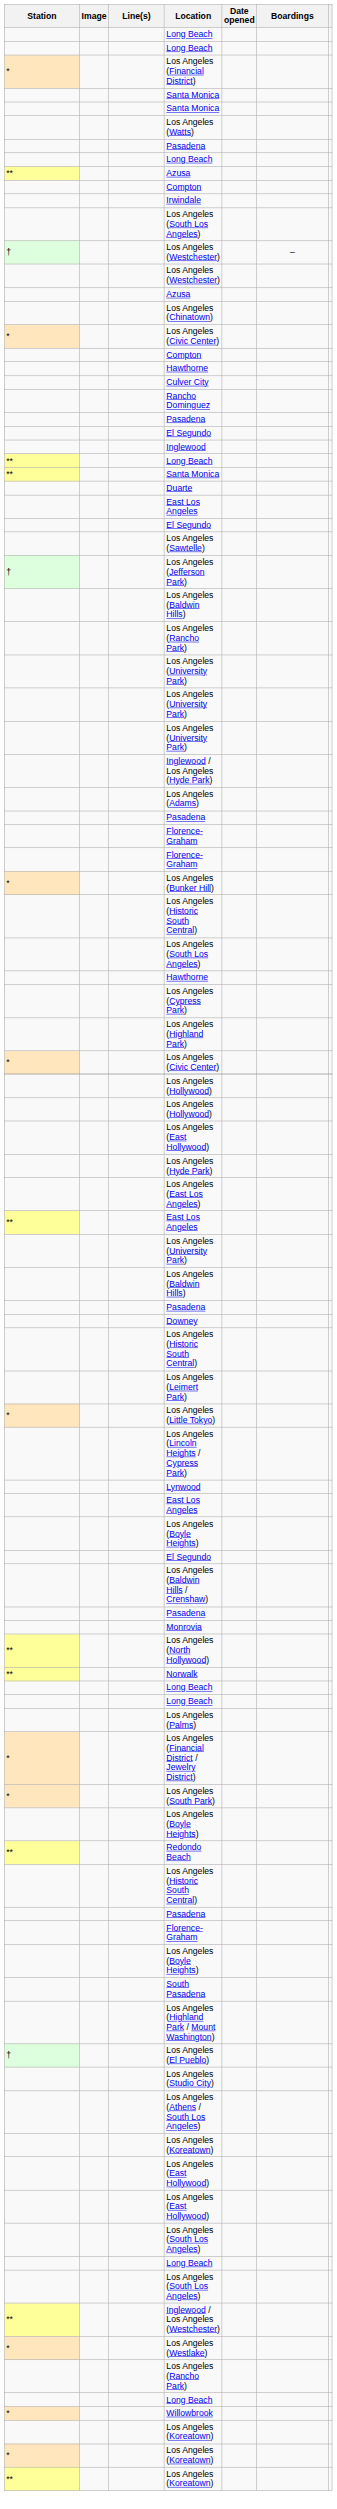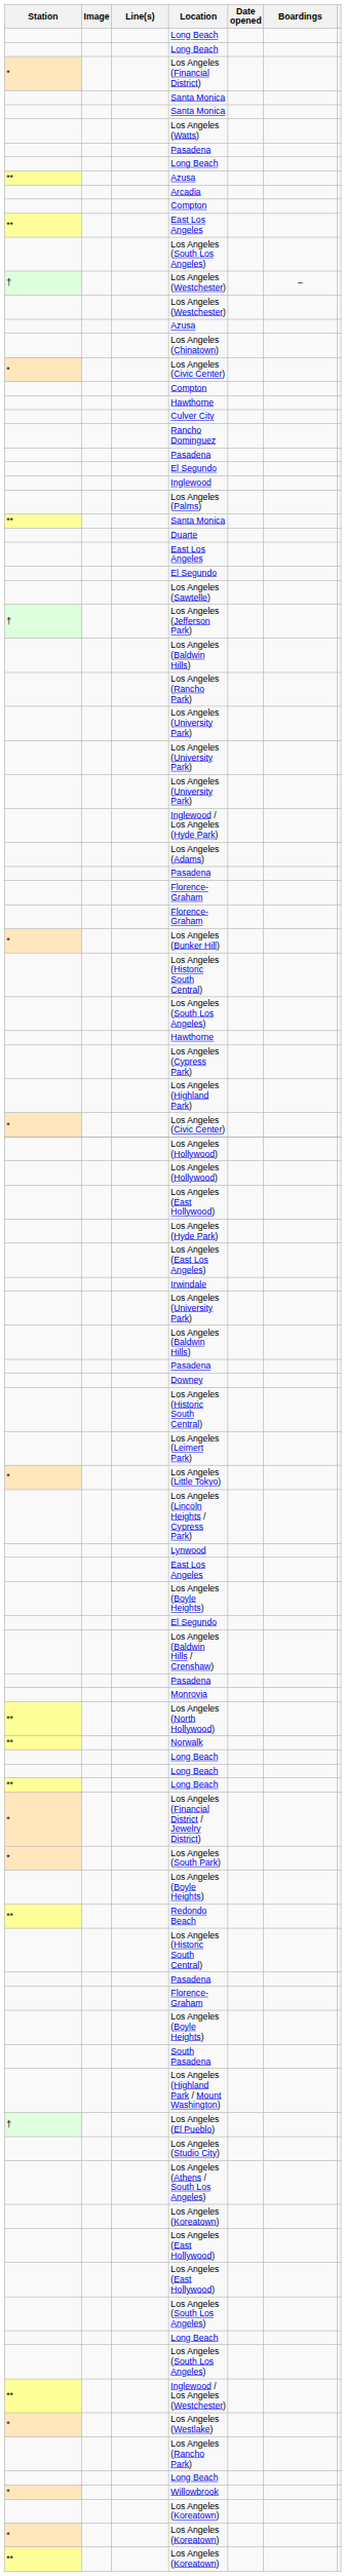 <table class="wikitable sortable sticky-header">
 <tr>
 <th width="175px">Station</th>
 <th class="unsortable">Image</th>
 <th width="120px">Line(s)</th>
 <th>Location</th>
 <th>Date opened</th>
 <th width="150px"> Boardings</th>
 <th class="unsortable"></th>
 </tr>
 <tr>
 <td></td>
 <td></td>
 <td><span></span></td>
 <td><a href='#'>Long Beach</a></td>
 <td></td>
 <td align=center></td>
 <td align=center></td>
 </tr>
 <tr>
 <td></td>
 <td></td>
 <td></td>
 <td><a href='#'>Long Beach</a></td>
 <td></td>
 <td align=center></td>
 <td align=center></td>
 </tr>
 <tr>
 <td style="background-color:#FFE6BD">*</td>
 <td></td>
 <td><br><br><br></td>
 <td>Los Angeles (<a href='#'>Financial District</a>)</td>
 <td></td>
 <td align=center></td>
 <td align=center><br><br><br></td>
 </tr>
 <tr>
 <td></td>
 <td></td>
 <td></td>
 <td><a href='#'>Santa Monica</a></td>
 <td></td>
 <td align=center></td>
 <td align="center"></td>
 </tr>
 <tr>
 <td></td>
 <td></td>
 <td></td>
 <td><a href='#'>Santa Monica</a></td>
 <td></td>
 <td align=center></td>
 <td align="center"></td>
 </tr>
 <tr>
 <td></td>
 <td></td>
 <td></td>
 <td>Los Angeles (<a href='#'>Watts</a>)</td>
 <td></td>
 <td align=center></td>
 <td align=center></td>
 </tr>
 <tr>
 <td></td>
 <td></td>
 <td><span></span></td>
 <td><a href='#'>Pasadena</a></td>
 <td></td>
 <td align=center></td>
 <td align=center></td>
 </tr>
 <tr>
 <td></td>
 <td></td>
 <td></td>
 <td><a href='#'>Long Beach</a></td>
 <td></td>
 <td align=center></td>
 <td align=center></td>
 </tr>
 <tr>
 <td style="background-color:#FFFF99">**</td>
 <td></td>
 <td></td>
 <td><a href='#'>Azusa</a></td>
 <td></td>
 <td align=center></td>
 <td align="center"></td>
 </tr>
 <tr>
 <td></td>
 <td></td>
 <td></td>
+<td><a href='#'>Arcadia</a></td>
+<td></td>
+<td align=center></td>
+<td align="center"></td>
+</tr>
+<tr>
+<td></td>
+<td></td>
+<td></td>
 <td><a href='#'>Compton</a></td>
 <td></td>
 <td align=center></td>
 <td align=center></td>
 </tr>
 <tr>
+<td style="background-color:#FFFF99">**</td>
 <td></td>
 <td></td>
-<td></td>
-<td><a href='#'>Irwindale</a></td>
+<td><a href='#'>East Los Angeles</a></td>
 <td></td>
 <td align=center></td>
-<td align="center"></td>
+<td align=center></td>
 </tr>
 <tr>
 <td></td>
 <td></td>
 <td></td>
 <td>Los Angeles (<a href='#'>South Los Angeles</a>)</td>
 <td></td>
 <td align=center></td>
 <td align=center></td>
 </tr>
 <tr>
 <td style="background-color:#DDFFDD">†</td>
 <td></td>
 <td><br></td>
 <td>Los Angeles (<a href='#'>Westchester</a>)</td>
 <td></td>
 <td align=center>–</td>
 <td align="center"></td>
 </tr>
 <tr>
 <td></td>
 <td></td>
 <td></td>
 <td>Los Angeles (<a href='#'>Westchester</a>)</td>
 <td></td>
 <td align=center></td>
 <td align=center></td>
 </tr>
 <tr>
 <td></td>
 <td></td>
 <td></td>
 <td><a href='#'>Azusa</a></td>
 <td></td>
 <td align=center></td>
 <td align="center"></td>
 </tr>
 <tr>
 <td></td>
 <td></td>
 <td><span></span></td>
 <td>Los Angeles (<a href='#'>Chinatown</a>)</td>
 <td></td>
 <td align=center></td>
 <td align=center></td>
 </tr>
 <tr>
 <td style="background-color:#FFE6BD">*</td>
 <td></td>
 <td><br></td>
 <td>Los Angeles (<a href='#'>Civic Center</a>)</td>
 <td></td>
 <td align=center></td>
 <td align=center><br></td>
 </tr>
 <tr>
 <td></td>
 <td></td>
 <td></td>
 <td><a href='#'>Compton</a></td>
 <td></td>
 <td align=center></td>
 <td align=center></td>
 </tr>
 <tr>
 <td></td>
 <td></td>
 <td></td>
 <td><a href='#'>Hawthorne</a></td>
 <td></td>
 <td align=center></td>
 <td align=center></td>
 </tr>
 <tr>
 <td></td>
 <td></td>
 <td></td>
 <td><a href='#'>Culver City</a></td>
 <td></td>
 <td align=center></td>
 <td align=center></td>
 </tr>
 <tr>
 <td></td>
 <td></td>
 <td><span></span></td>
 <td><a href='#'>Rancho Dominguez</a></td>
 <td></td>
 <td align=center></td>
 <td align=center></td>
 </tr>
 <tr>
 <td></td>
 <td></td>
 <td></td>
 <td><a href='#'>Pasadena</a></td>
 <td></td>
 <td align=center></td>
 <td align=center></td>
 </tr>
 <tr>
 <td></td>
 <td></td>
 <td></td>
 <td><a href='#'>El Segundo</a></td>
 <td></td>
 <td align=center></td>
 <td align=center></td>
 </tr>
 <tr>
 <td></td>
 <td></td>
 <td></td>
 <td><a href='#'>Inglewood</a></td>
 <td></td>
 <td align=center></td>
 <td align=center></td>
 </tr>
 <tr>
-<td style="background-color:#FFFF99">**</td>
 <td></td>
 <td></td>
-<td><a href='#'>Long Beach</a></td>
+<td></td>
+<td>Los Angeles (<a href='#'>Palms</a>)</td>
 <td></td>
 <td align=center></td>
-<td align=center></td>
+<td align="center"></td>
 </tr>
 <tr>
 <td style="background-color:#FFFF99">**</td>
 <td></td>
 <td></td>
 <td><a href='#'>Santa Monica</a></td>
 <td></td>
 <td align=center></td>
 <td align="center"></td>
 </tr>
 <tr>
 <td></td>
 <td></td>
 <td></td>
 <td><a href='#'>Duarte</a></td>
 <td></td>
 <td align=center></td>
 <td align="center"></td>
 </tr>
 <tr>
 <td></td>
 <td></td>
 <td><span></span></td>
 <td><a href='#'>East Los Angeles</a></td>
 <td></td>
 <td align=center></td>
 <td align=center></td>
 </tr>
 <tr>
 <td></td>
 <td></td>
 <td></td>
 <td><a href='#'>El Segundo</a></td>
 <td></td>
 <td align=center></td>
 <td align=center></td>
 </tr>
 <tr>
 <td></td>
 <td></td>
 <td></td>
 <td>Los Angeles (<a href='#'>Sawtelle</a>)</td>
 <td></td>
 <td align=center></td>
 <td align="center"></td>
 </tr>
 <tr>
 <td style="background-color:#DDFFDD">†</td>
 <td></td>
 <td><br></td>
 <td>Los Angeles (<a href='#'>Jefferson Park</a>)</td>
 <td></td>
 <td align=center></td>
 <td align=center></td>
 </tr>
 <tr>
 <td></td>
 <td></td>
 <td></td>
 <td>Los Angeles (<a href='#'>Baldwin Hills</a>)</td>
 <td></td>
 <td align=center></td>
 <td align=center></td>
 </tr>
 <tr>
 <td></td>
 <td></td>
 <td></td>
 <td>Los Angeles (<a href='#'>Rancho Park</a>)</td>
 <td></td>
 <td align=center></td>
 <td align="center"></td>
 </tr>
 <tr>
 <td></td>
 <td></td>
 <td></td>
 <td>Los Angeles (<a href='#'>University Park</a>)</td>
 <td></td>
 <td align=center></td>
 <td align=center></td>
 </tr>
 <tr>
 <td></td>
 <td></td>
 <td></td>
 <td>Los Angeles (<a href='#'>University Park</a>)</td>
 <td></td>
 <td align=center></td>
 <td align=center></td>
 </tr>
 <tr>
 <td></td>
 <td></td>
 <td></td>
 <td>Los Angeles (<a href='#'>University Park</a>)</td>
 <td></td>
 <td align=center></td>
 <td align=center></td>
 </tr>
 <tr>
 <td></td>
 <td></td>
 <td></td>
 <td><a href='#'>Inglewood</a> / Los Angeles (<a href='#'>Hyde Park</a>)</td>
 <td></td>
 <td align=center></td>
 <td align=center></td>
 </tr>
 <tr>
 <td></td>
 <td></td>
 <td></td>
 <td>Los Angeles (<a href='#'>Adams</a>)</td>
 <td></td>
 <td align=center></td>
 <td align=center></td>
 </tr>
 <tr>
 <td></td>
 <td></td>
 <td><span></span></td>
 <td><a href='#'>Pasadena</a></td>
 <td></td>
 <td align=center></td>
 <td align=center></td>
 </tr>
 <tr>
 <td></td>
 <td></td>
 <td></td>
 <td><a href='#'>Florence-Graham</a></td>
 <td></td>
 <td align=center></td>
 <td align=center></td>
 </tr>
 <tr>
 <td></td>
 <td></td>
 <td></td>
 <td><a href='#'>Florence-Graham</a></td>
 <td></td>
 <td align=center></td>
 <td align=center></td>
 </tr>
 <tr>
 <td style="background-color:#FFE6BD">*</td>
 <td></td>
 <td><br><br></td>
 <td>Los Angeles (<a href='#'>Bunker Hill</a>)</td>
 <td></td>
 <td align=center></td>
 <td align="center"></td>
 </tr>
 <tr>
 <td></td>
 <td></td>
 <td><span></span></td>
 <td>Los Angeles (<a href='#'>Historic South Central</a>)</td>
 <td></td>
 <td align=center></td>
 <td align=center></td>
 </tr>
 <tr>
 <td></td>
 <td></td>
 <td><span></span></td>
 <td>Los Angeles (<a href='#'>South Los Angeles</a>)</td>
 <td></td>
 <td align=center></td>
 <td align=center></td>
 </tr>
 <tr>
 <td></td>
 <td></td>
 <td></td>
 <td><a href='#'>Hawthorne</a></td>
 <td></td>
 <td align=center></td>
 <td align=center></td>
 </tr>
 <tr>
 <td></td>
 <td></td>
 <td></td>
 <td>Los Angeles (<a href='#'>Cypress Park</a>)</td>
 <td></td>
 <td align=center></td>
 <td align=center></td>
 </tr>
 <tr>
 <td></td>
 <td></td>
 <td></td>
 <td>Los Angeles (<a href='#'>Highland Park</a>)</td>
 <td></td>
 <td align=center></td>
 <td align=center></td>
 </tr>
 <tr>
 <td style="background-color:#FFE6BD">*</td>
 <td></td>
 <td><br><br></td>
 <td>Los Angeles (<a href='#'>Civic Center</a>)</td>
 <td></td>
 <td align=center></td>
 <td align="center"></td>
 </tr>
 <tr>
 </tr>
 <tr>
 <td></td>
 <td></td>
 <td></td>
 <td>Los Angeles (<a href='#'>Hollywood</a>)</td>
 <td></td>
 <td align=center></td>
 <td align=center></td>
 </tr>
 <tr>
 <td></td>
 <td></td>
 <td></td>
 <td>Los Angeles (<a href='#'>Hollywood</a>)</td>
 <td></td>
 <td align=center></td>
 <td align=center></td>
 </tr>
 <tr>
 <td></td>
 <td></td>
 <td></td>
 <td>Los Angeles (<a href='#'>East Hollywood</a>)</td>
 <td></td>
 <td align=center></td>
 <td align=center></td>
 </tr>
 <tr>
 <td></td>
 <td></td>
 <td></td>
 <td>Los Angeles (<a href='#'>Hyde Park</a>)</td>
 <td></td>
 <td align=center></td>
 <td align=center></td>
 </tr>
 <tr>
 <td></td>
 <td></td>
 <td><span></span></td>
 <td>Los Angeles (<a href='#'>East Los Angeles</a>)</td>
 <td></td>
 <td align=center></td>
 <td align=center></td>
 </tr>
 <tr>
-<td style="background-color:#FFFF99">**</td>
 <td></td>
 <td></td>
-<td><a href='#'>East Los Angeles</a></td>
+<td></td>
+<td><a href='#'>Irwindale</a></td>
 <td></td>
 <td align=center></td>
-<td align=center></td>
+<td align="center"></td>
 </tr>
 <tr>
 <td></td>
 <td></td>
 <td><span></span></td>
 <td>Los Angeles (<a href='#'>University Park</a>)</td>
 <td></td>
 <td align=center></td>
 <td align=center></td>
 </tr>
 <tr>
 <td></td>
 <td></td>
 <td><span></span></td>
 <td>Los Angeles (<a href='#'>Baldwin Hills</a>)</td>
 <td></td>
 <td align=center></td>
 <td align=center></td>
 </tr>
 <tr>
 <td></td>
 <td></td>
 <td></td>
 <td><a href='#'>Pasadena</a></td>
 <td></td>
 <td align=center></td>
 <td align=center></td>
 </tr>
 <tr>
 <td></td>
 <td></td>
 <td></td>
 <td><a href='#'>Downey</a></td>
 <td></td>
 <td align=center></td>
 <td align=center></td>
 </tr>
 <tr>
 <td></td>
 <td></td>
 <td></td>
 <td>Los Angeles (<a href='#'>Historic South Central</a>)</td>
 <td></td>
 <td align=center></td>
 <td align=center></td>
 </tr>
 <tr>
 <td></td>
 <td></td>
 <td></td>
 <td>Los Angeles (<a href='#'>Leimert Park</a>)</td>
 <td></td>
 <td align=center></td>
 <td align=center></td>
 </tr>
 <tr>
 <td style="background-color:#FFE6BD">*</td>
 <td></td>
 <td><br><br></td>
 <td>Los Angeles (<a href='#'>Little Tokyo</a>)</td>
 <td></td>
 <td align=center></td>
 <td align="center"></td>
 </tr>
 <tr>
 <td></td>
 <td></td>
 <td></td>
 <td>Los Angeles (<a href='#'>Lincoln Heights</a> / <a href='#'>Cypress Park</a>)</td>
 <td></td>
 <td align=center></td>
 <td align=center></td>
 </tr>
 <tr>
 <td></td>
 <td></td>
 <td></td>
 <td><a href='#'>Lynwood</a></td>
 <td></td>
 <td align=center></td>
 <td align=center></td>
 </tr>
 <tr>
 <td></td>
 <td></td>
 <td><span></span></td>
 <td><a href='#'>East Los Angeles</a></td>
 <td></td>
 <td align=center></td>
 <td align=center></td>
 </tr>
 <tr>
 <td></td>
 <td></td>
 <td></td>
 <td>Los Angeles (<a href='#'>Boyle Heights</a>)</td>
 <td></td>
 <td align=center></td>
 <td align=center></td>
 </tr>
 <tr>
 <td></td>
 <td></td>
 <td></td>
 <td><a href='#'>El Segundo</a></td>
 <td></td>
 <td align=center></td>
 <td align=center></td>
 </tr>
 <tr>
 <td></td>
 <td></td>
 <td></td>
 <td>Los Angeles (<a href='#'>Baldwin Hills</a> / <a href='#'>Crenshaw</a>)</td>
 <td></td>
 <td align=center></td>
 <td align=center></td>
 </tr>
 <tr>
 <td></td>
 <td></td>
 <td></td>
 <td><a href='#'>Pasadena</a></td>
 <td></td>
 <td align=center></td>
 <td align=center></td>
 </tr>
 <tr>
 <td></td>
 <td></td>
 <td></td>
 <td><a href='#'>Monrovia</a></td>
 <td></td>
 <td align=center></td>
 <td align="center"></td>
 </tr>
 <tr>
 <td style="background-color:#FFFF99">**</td>
 <td></td>
 <td><span></span></td>
 <td>Los Angeles (<a href='#'>North Hollywood</a>)</td>
 <td></td>
 <td align=center></td>
 <td align=center></td>
 </tr>
 <tr>
 <td style="background-color:#FFFF99">**</td>
 <td></td>
 <td></td>
 <td><a href='#'>Norwalk</a></td>
 <td></td>
 <td align=center></td>
 <td align=center></td>
 </tr>
 <tr>
 <td></td>
 <td></td>
 <td><span></span></td>
 <td><a href='#'>Long Beach</a></td>
 <td></td>
 <td align=center></td>
 <td align=center></td>
 </tr>
 <tr>
 <td></td>
 <td></td>
 <td></td>
 <td><a href='#'>Long Beach</a></td>
 <td></td>
 <td align=center></td>
 <td align=center></td>
 </tr>
 <tr>
+<td style="background-color:#FFFF99">**</td>
 <td></td>
 <td></td>
-<td></td>
-<td>Los Angeles (<a href='#'>Palms</a>)</td>
+<td><a href='#'>Long Beach</a></td>
 <td></td>
 <td align=center></td>
-<td align="center"></td>
+<td align=center></td>
 </tr>
 <tr>
 <td style="background-color:#FFE6BD">*</td>
 <td></td>
 <td><br></td>
 <td>Los Angeles (<a href='#'>Financial District</a> / <a href='#'>Jewelry District</a>)</td>
 <td></td>
 <td align=center></td>
 <td align=center><br></td>
 </tr>
 <tr>
 <td style="background-color:#FFE6BD">*</td>
 <td></td>
 <td><br></td>
 <td>Los Angeles (<a href='#'>South Park</a>)</td>
 <td></td>
 <td align=center></td>
 <td align=center><br></td>
 </tr>
 <tr>
 <td></td>
 <td></td>
 <td></td>
 <td>Los Angeles (<a href='#'>Boyle Heights</a>)</td>
 <td></td>
 <td align=center></td>
 <td align=center></td>
 </tr>
 <tr>
 <td style="background-color:#FFFF99">**</td>
 <td></td>
 <td><span></span></td>
 <td><a href='#'>Redondo Beach</a></td>
 <td></td>
 <td align=center></td>
 <td align=center></td>
 </tr>
 <tr>
 <td></td>
 <td></td>
 <td><span></span></td>
 <td>Los Angeles (<a href='#'>Historic South Central</a>)</td>
 <td></td>
 <td align=center></td>
 <td align=center></td>
 </tr>
 <tr>
 <td></td>
 <td></td>
 <td></td>
 <td><a href='#'>Pasadena</a></td>
 <td></td>
 <td align=center></td>
 <td align=center></td>
 </tr>
 <tr>
 <td></td>
 <td></td>
 <td></td>
 <td><a href='#'>Florence-Graham</a></td>
 <td></td>
 <td align=center></td>
 <td align=center></td>
 </tr>
 <tr>
 <td></td>
 <td></td>
 <td></td>
 <td>Los Angeles (<a href='#'>Boyle Heights</a>)</td>
 <td></td>
 <td align=center></td>
 <td align=center></td>
 </tr>
 <tr>
 <td></td>
 <td></td>
 <td></td>
 <td><a href='#'>South Pasadena</a></td>
 <td></td>
 <td align=center></td>
 <td align=center></td>
 </tr>
 <tr>
 <td></td>
 <td></td>
 <td></td>
 <td>Los Angeles (<a href='#'>Highland Park</a> / <a href='#'>Mount Washington</a>)</td>
 <td></td>
 <td align=center></td>
 <td align=center></td>
 </tr>
 <tr>
 <td style="background-color:#DDFFDD">†</td>
 <td></td>
 <td><span></span><br><br></td>
 <td>Los Angeles (<a href='#'>El Pueblo</a>)</td>
 <td></td>
 <td align=center></td>
 <td align=center><br><br></td>
 </tr>
 <tr>
 <td></td>
 <td></td>
 <td></td>
 <td>Los Angeles (<a href='#'>Studio City</a>)</td>
 <td></td>
 <td align=center></td>
 <td align=center></td>
 </tr>
 <tr>
 <td></td>
 <td></td>
 <td><span></span></td>
 <td>Los Angeles (<a href='#'>Athens</a> / <a href='#'>South Los Angeles</a>)</td>
 <td></td>
 <td align=center></td>
 <td align=center></td>
 </tr>
 <tr>
 <td></td>
 <td></td>
 <td></td>
 <td>Los Angeles (<a href='#'>Koreatown</a>)</td>
 <td></td>
 <td align=center></td>
 <td align=center></td>
 </tr>
 <tr>
 <td></td>
 <td></td>
 <td></td>
 <td>Los Angeles (<a href='#'>East Hollywood</a>)</td>
 <td></td>
 <td align=center></td>
 <td align=center></td>
 </tr>
 <tr>
 <td></td>
 <td></td>
 <td></td>
 <td>Los Angeles (<a href='#'>East Hollywood</a>)</td>
 <td></td>
 <td align=center></td>
 <td align=center></td>
 </tr>
 <tr>
 <td></td>
 <td></td>
 <td></td>
 <td>Los Angeles (<a href='#'>South Los Angeles</a>)</td>
 <td></td>
 <td align=center></td>
 <td align=center></td>
 </tr>
 <tr>
 <td></td>
 <td></td>
 <td><span></span></td>
 <td><a href='#'>Long Beach</a></td>
 <td></td>
 <td align=center></td>
 <td align=center></td>
 </tr>
 <tr>
 <td></td>
 <td></td>
 <td></td>
 <td>Los Angeles (<a href='#'>South Los Angeles</a>)</td>
 <td></td>
 <td align=center></td>
 <td align=center></td>
 </tr>
 <tr>
 <td style="background-color:#FFFF99">**</td>
 <td></td>
 <td></td>
 <td><a href='#'>Inglewood</a> / Los Angeles (<a href='#'>Westchester</a>)</td>
 <td></td>
 <td align=center></td>
 <td align=center></td>
 </tr>
 <tr>
 <td style="background-color:#FFE6BD">*</td>
 <td></td>
 <td><br></td>
 <td>Los Angeles (<a href='#'>Westlake</a>)</td>
 <td></td>
 <td align=center></td>
 <td align=center><br></td>
 </tr>
 <tr>
 <td></td>
 <td></td>
 <td></td>
 <td>Los Angeles (<a href='#'>Rancho Park</a>)</td>
 <td></td>
 <td align=center></td>
 <td align="center"></td>
 </tr>
 <tr>
 <td></td>
 <td></td>
 <td></td>
 <td><a href='#'>Long Beach</a></td>
 <td></td>
 <td align=center></td>
 <td align=center></td>
 </tr>
 <tr>
 <td style="background-color:#FFE6BD">*</td>
 <td></td>
 <td><br></td>
 <td><a href='#'>Willowbrook</a></td>
 <td></td>
 <td align=center></td>
 <td align=center><br></td>
 </tr>
 <tr>
 <td></td>
 <td></td>
 <td></td>
 <td>Los Angeles (<a href='#'>Koreatown</a>)</td>
 <td></td>
 <td align=center></td>
 <td align=center></td>
 </tr>
 <tr>
 <td style="background-color:#FFE6BD">*</td>
 <td></td>
 <td><br></td>
 <td>Los Angeles (<a href='#'>Koreatown</a>)</td>
 <td></td>
 <td align=center></td>
 <td align=center><br></td>
 </tr>
 <tr>
 <td style="background-color:#FFFF99">**</td>
 <td></td>
 <td></td>
 <td>Los Angeles (<a href='#'>Koreatown</a>)</td>
 <td></td>
 <td align=center></td>
 <td align=center></td>
 </tr>
 </table>
